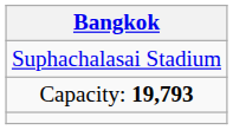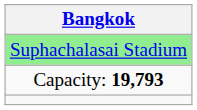 <table class="wikitable" style="text-align:center;margin:1em auto;">
 <tr>
 <th colspan="1"><a href='#'>Bangkok</a></th>
 </tr>
 <tr>
-<td><a href='#'>Suphachalasai Stadium</a></td>
+<td style="background: lightgreen;"><a href='#'>Suphachalasai Stadium</a></td>
 </tr>
 <tr>
 <td>Capacity: <strong>	19,793</strong></td>
 </tr>
 <tr>
 <td></td>
 </tr>
 </table>
